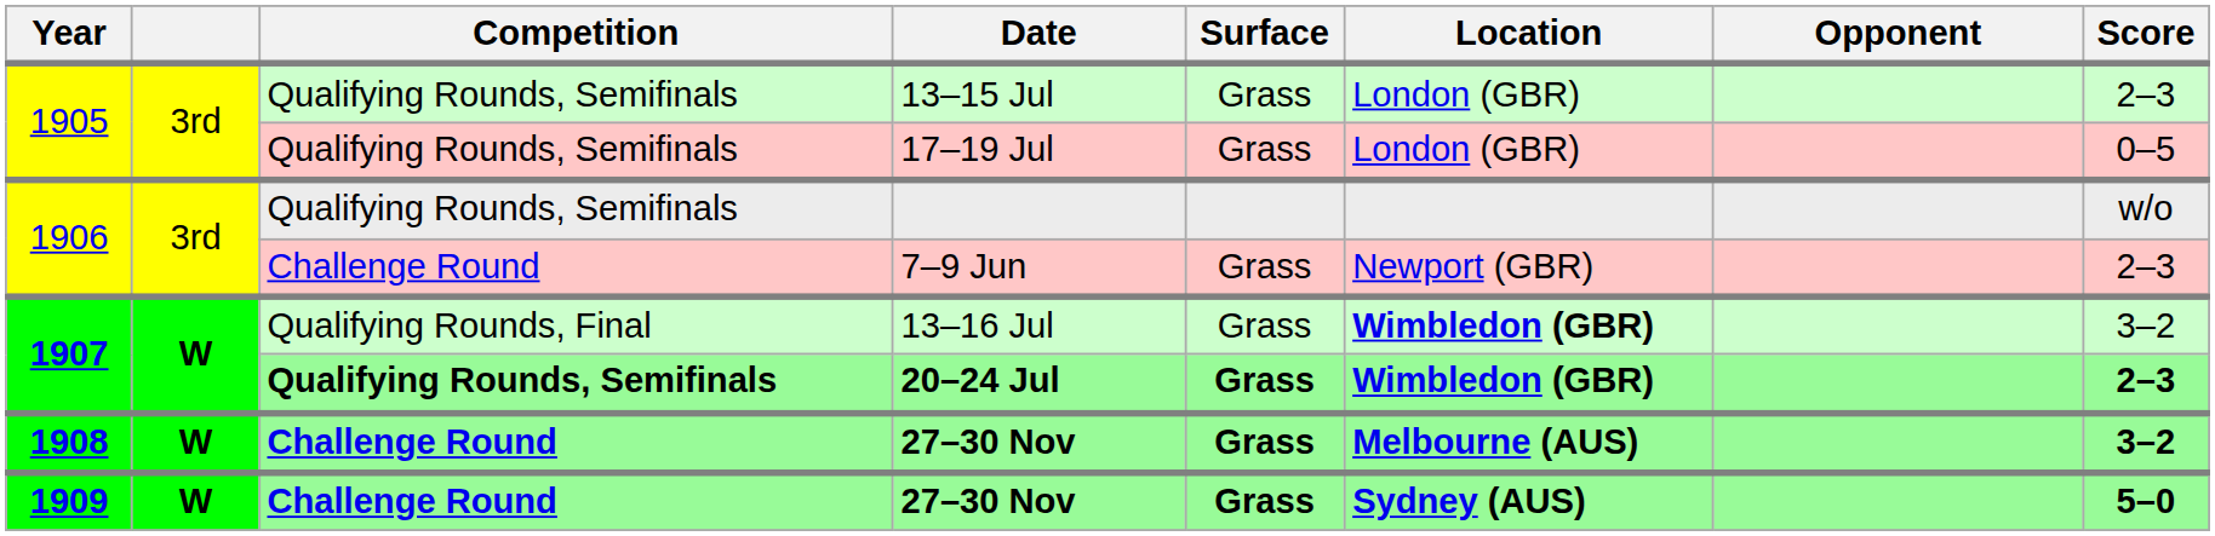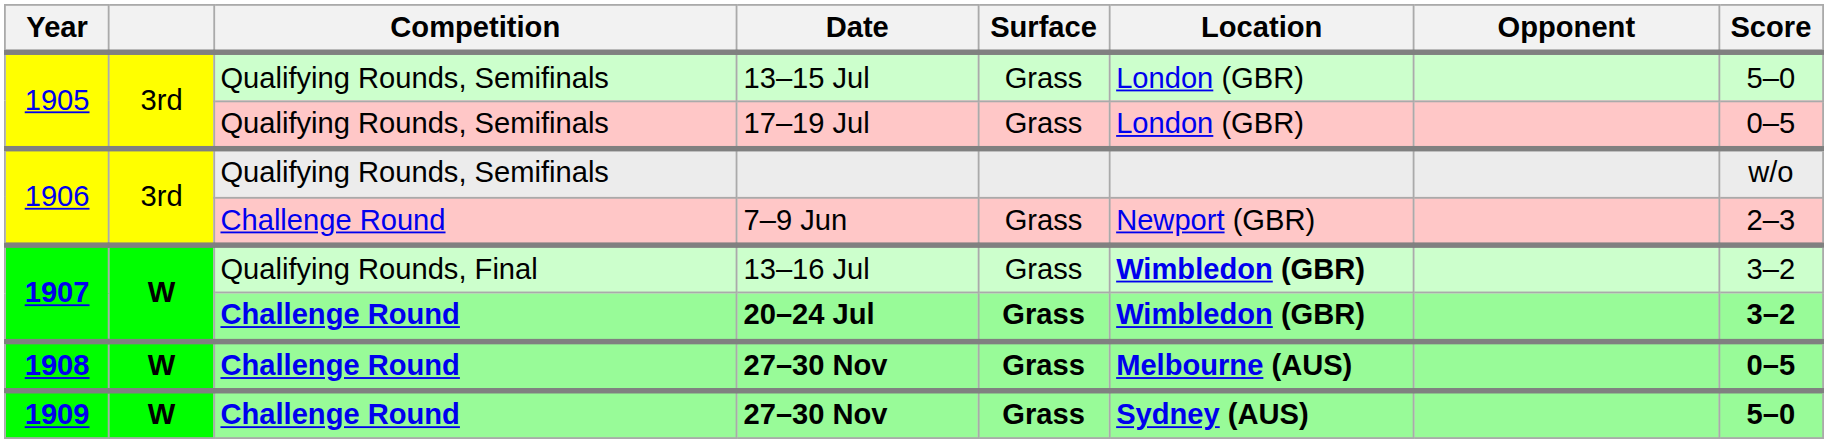 <table class="wikitable">
 <tr>
 <th width="50">Year</th>
 <th width="50"></th>
 <th width="280">Competition</th>
 <th width="125">Date</th>
 <th width="65">Surface</th>
 <th width="160">Location</th>
 <th width="160">Opponent</th>
 <th width="50">Score</th>
 </tr>
 <tr style="border-top:3px solid gray; background-color:#ccffcc">
 <td align="center" rowspan="2" bgcolor=yellow><a href='#'>1905</a></td>
 <td align="center" rowspan="2" bgcolor=yellow>3rd</td>
 <td>Qualifying Rounds, Semifinals</td>
 <td>13–15 Jul</td>
 <td align="center">Grass</td>
 <td><a href='#'>London</a> (GBR)</td>
 <td></td>
-<td align="center">2–3</td>
+<td align="center">5–0</td>
 </tr>
 <tr style="background-color:#ffc7c7">
 <td>Qualifying Rounds, Semifinals</td>
 <td>17–19 Jul</td>
 <td align="center">Grass</td>
 <td><a href='#'>London</a> (GBR)</td>
 <td></td>
 <td align="center">0–5</td>
 </tr>
 <tr style="border-top:3px solid gray; background-color:#ececec">
 <td align="center" rowspan="2" bgcolor=yellow><a href='#'>1906</a></td>
 <td align="center" rowspan="2" bgcolor=yellow>3rd</td>
 <td>Qualifying Rounds, Semifinals</td>
 <td></td>
 <td align="center"></td>
 <td></td>
 <td></td>
 <td align="center">w/o</td>
 </tr>
 <tr style="background-color:#ffc7c7">
 <td><a href='#'>Challenge Round</a></td>
 <td>7–9 Jun</td>
 <td align="center">Grass</td>
 <td><a href='#'>Newport</a> (GBR)</td>
 <td></td>
 <td align="center">2–3</td>
 </tr>
 <tr style="border-top:3px solid gray; background-color:#ccffcc">
 <td align="center" rowspan="2" bgcolor="#00ff00"><strong><a href='#'>1907</a></strong></td>
 <td align="center" rowspan="2" bgcolor="#00ff00"><strong>W</strong></td>
 <td>Qualifying Rounds, Final</td>
 <td>13–16 Jul</td>
 <td align="center">Grass</td>
 <td><strong><a href='#'>Wimbledon</a> (GBR)</strong></td>
 <td></td>
 <td align="center">3–2</td>
 </tr>
 <tr style="background-color:#98fb98; font-weight:bold">
-<td>Qualifying Rounds, Semifinals</td>
+<td><a href='#'>Challenge Round</a></td>
 <td>20–24 Jul</td>
 <td align="center">Grass</td>
 <td><a href='#'>Wimbledon</a> (GBR)</td>
 <td></td>
-<td align="center">2–3</td>
+<td align="center">3–2</td>
 </tr>
 <tr style="border-top:3px solid gray; background-color:#98fb98; font-weight:bold">
 <td align="center" bgcolor="#00ff00"><strong><a href='#'>1908</a></strong></td>
 <td align="center" bgcolor="#00ff00"><strong>W</strong></td>
 <td><a href='#'>Challenge Round</a></td>
 <td>27–30 Nov</td>
 <td align="center">Grass</td>
 <td><a href='#'>Melbourne</a> (AUS)</td>
 <td></td>
-<td align="center">3–2</td>
+<td align="center">0–5</td>
 </tr>
 <tr style="border-top:3px solid gray; background-color:#98fb98; font-weight:bold">
 <td align="center" bgcolor="#00ff00"><a href='#'>1909</a></td>
 <td align="center" bgcolor="#00ff00"><strong>W</strong></td>
 <td><a href='#'>Challenge Round</a></td>
 <td>27–30 Nov</td>
 <td align="center">Grass</td>
 <td><a href='#'>Sydney</a> (AUS)</td>
 <td></td>
 <td align="center">5–0</td>
 </tr>
 </table>
